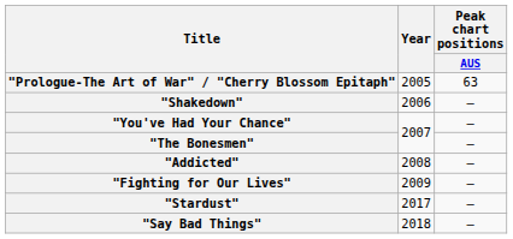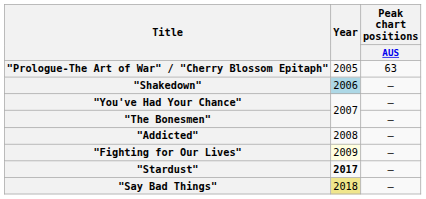 <table class="wikitable plainrowheaders" style="text-align:center;">
 <tr>
 <th scope="col" rowspan="2">Title</th>
 <th scope="col" rowspan="2">Year</th>
 <th scope="col" colspan="1">Peak chart positions</th>
 </tr>
 <tr>
 <th scope="col" style="width:3em;font-size:90%;"><a href='#'>AUS</a><br></th>
 </tr>
 <tr>
 <th scope="row">"Prologue-The Art of War" / "Cherry Blossom Epitaph"</th>
 <td>2005</td>
 <td>63</td>
 </tr>
 <tr>
 <th scope="row">"Shakedown"</th>
-<td>2006</td>
+<td style="background: lightblue;">2006</td>
 <td>—</td>
 </tr>
 <tr>
 <th scope="row">"You've Had Your Chance"</th>
 <td rowspan="2">2007</td>
 <td>—</td>
 </tr>
 <tr>
 <th scope="row">"The Bonesmen"</th>
 <td>—</td>
 </tr>
 <tr>
 <th scope="row">"Addicted"</th>
 <td>2008</td>
 <td>—</td>
 </tr>
 <tr>
 <th scope="row">"Fighting for Our Lives"</th>
-<td>2009</td>
+<td style="background: lightyellow;">2009</td>
 <td>—</td>
 </tr>
 <tr>
 <th scope="row">"Stardust"</th>
-<td>2017</td>
+<td><strong>2017</strong></td>
 <td>—</td>
 </tr>
 <tr>
 <th scope="row">"Say Bad Things"</th>
-<td>2018</td>
+<td style="background: khaki;">2018</td>
 <td>—</td>
 </tr>
 </table>
